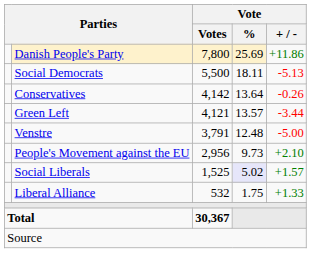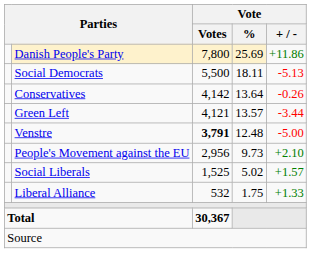 <table class="wikitable" style="text-align:right;">
 <tr>
 <th style="text-align:centre;" rowspan="2" colspan="2" width="225">Parties</th>
 <th colspan="3">Vote</th>
 </tr>
 <tr>
 <th width="15">Votes</th>
 <th width="15">%</th>
 <th width="15">+ / -</th>
 </tr>
 <tr>
 <td width="2" style="color:inherit;background:"></td>
 <td bgcolor=#fef2cc   align="left"><a href='#'>Danish People's Party</a></td>
 <td bgcolor=#fef2cc>7,800</td>
 <td bgcolor=#fef2cc>25.69</td>
 <td style=color:green;>+11.86</td>
 </tr>
 <tr>
 <td width="2" style="color:inherit;background:"></td>
 <td align="left"><a href='#'>Social Democrats</a></td>
 <td>5,500</td>
 <td>18.11</td>
 <td style=color:red;>-5.13</td>
 </tr>
 <tr>
 <td width="2" style="color:inherit;background:"></td>
 <td align="left"><a href='#'>Conservatives</a></td>
 <td>4,142</td>
 <td>13.64</td>
 <td style=color:red;>-0.26</td>
 </tr>
 <tr>
 <td width="2" style="color:inherit;background:"></td>
 <td align="left"><a href='#'>Green Left</a></td>
 <td>4,121</td>
 <td>13.57</td>
 <td style=color:red;>-3.44</td>
 </tr>
 <tr>
 <td width="2" style="color:inherit;background:"></td>
 <td align="left"><a href='#'>Venstre</a></td>
-<td>3,791</td>
+<td><strong>3,791</strong></td>
 <td>12.48</td>
 <td style=color:red;>-5.00</td>
 </tr>
 <tr>
 <td width="2" style="color:inherit;background:"></td>
 <td align="left"><a href='#'>People's Movement against the EU</a></td>
 <td>2,956</td>
 <td>9.73</td>
 <td style=color:green;>+2.10</td>
 </tr>
 <tr>
 <td width="2" style="color:inherit;background:"></td>
 <td align="left"><a href='#'>Social Liberals</a></td>
 <td>1,525</td>
-<td style="background: lavender;">5.02</td>
+<td>5.02</td>
 <td style=color:green;>+1.57</td>
 </tr>
 <tr>
 <td width="2" style="color:inherit;background:"></td>
 <td align="left"><a href='#'>Liberal Alliance</a></td>
 <td>532</td>
 <td>1.75</td>
 <td style=color:green;>+1.33</td>
 </tr>
 <tr>
 <td colspan="7" bgcolor="#E9E9E9"></td>
 </tr>
 <tr>
 <td align="left" colspan="2"><strong>Total</strong></td>
 <td><strong>30,367</strong></td>
 <td bgcolor="#E9E9E9" colspan="2"></td>
 </tr>
 <tr>
 <td align="left" colspan="6">Source</td>
 </tr>
 </table>
